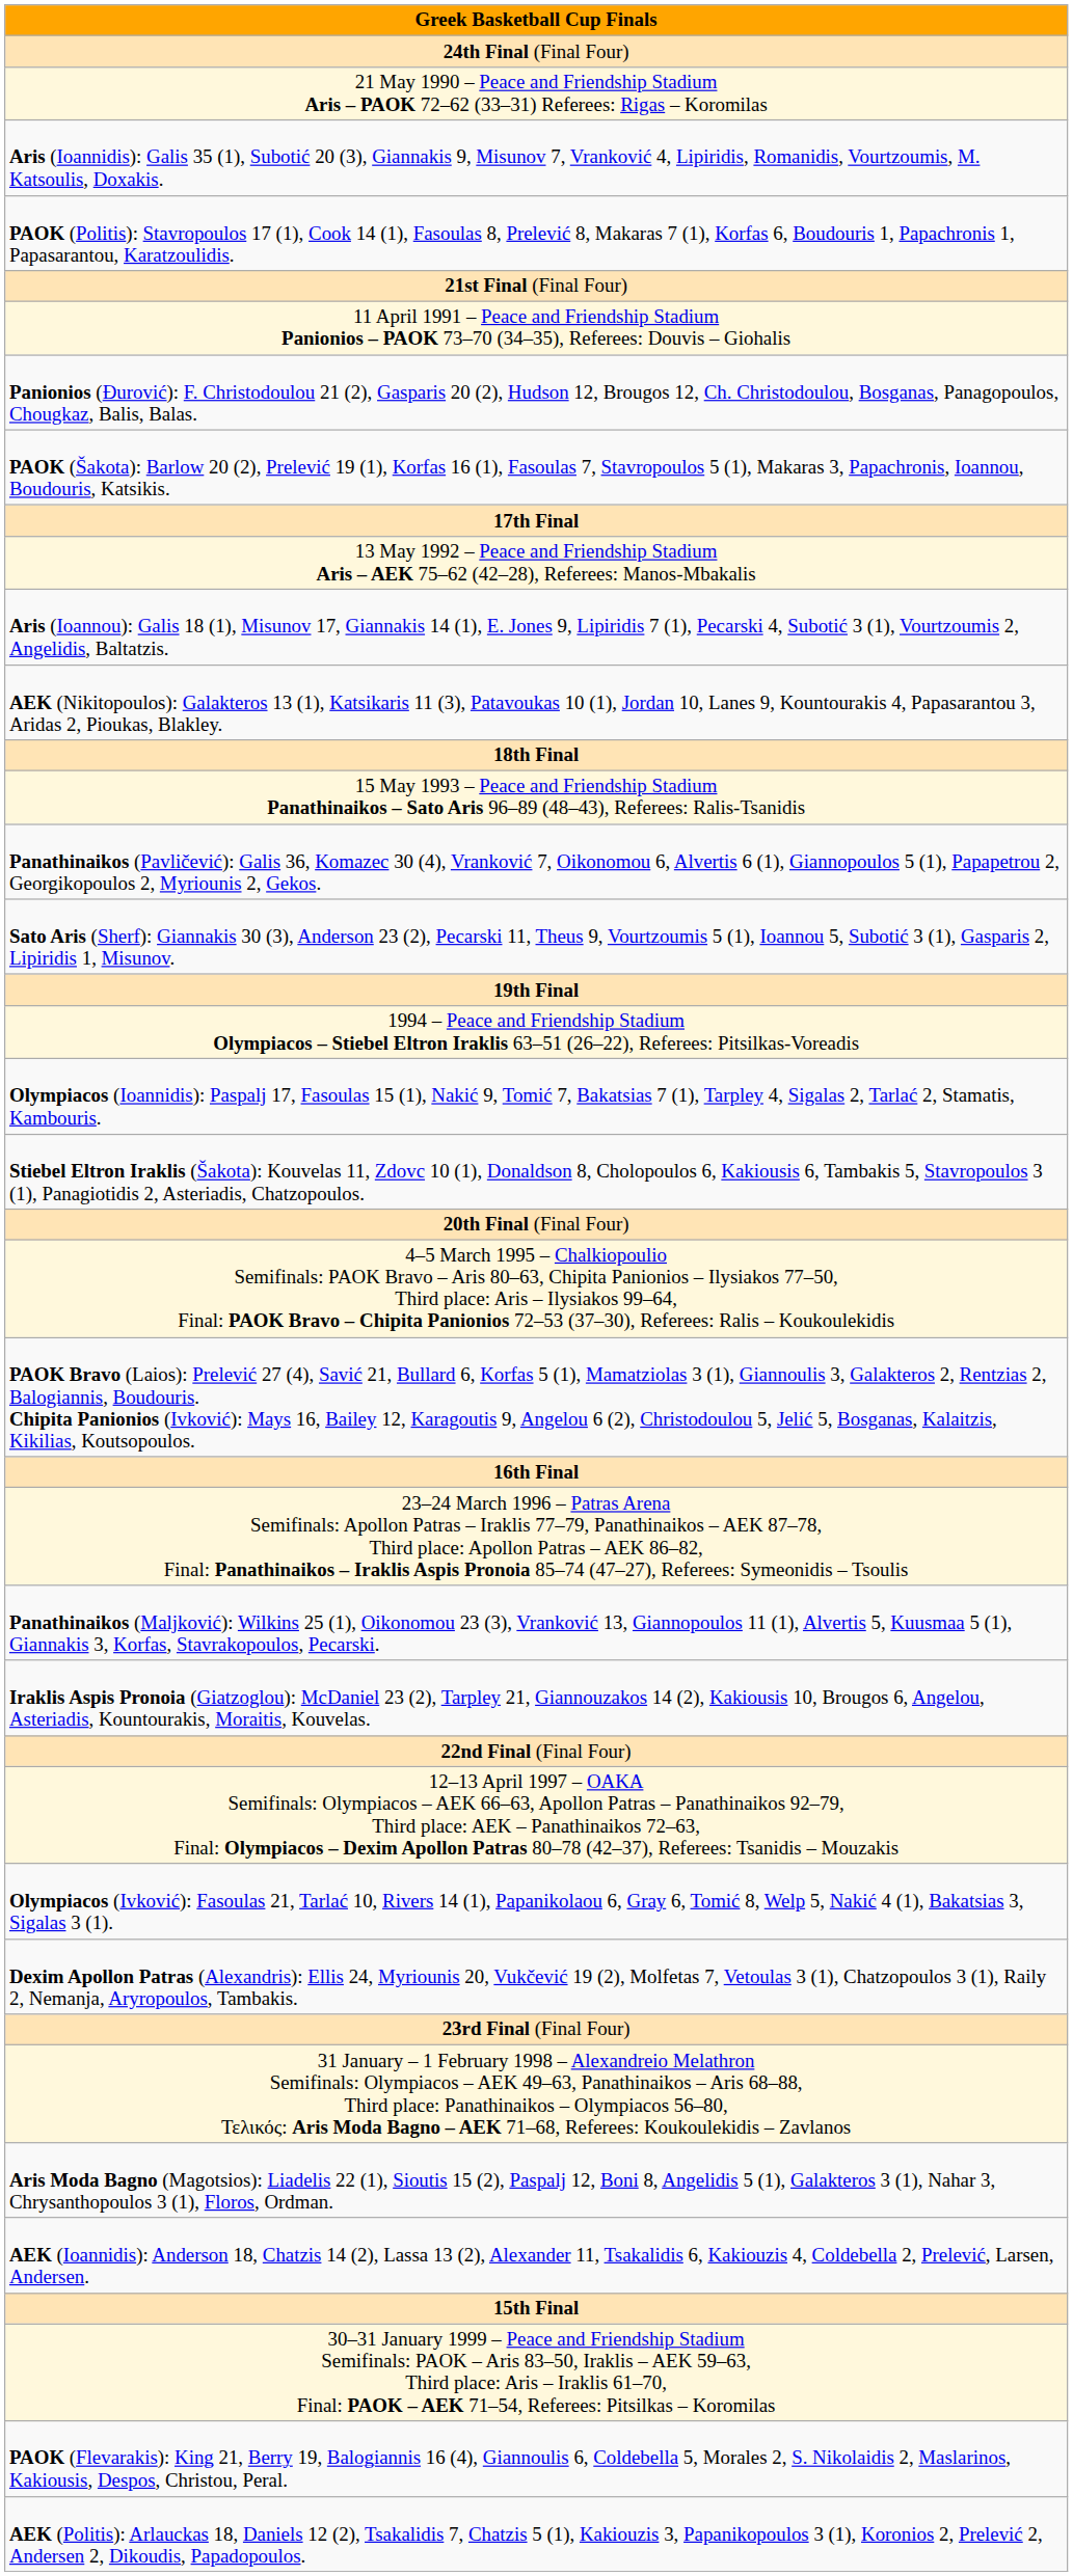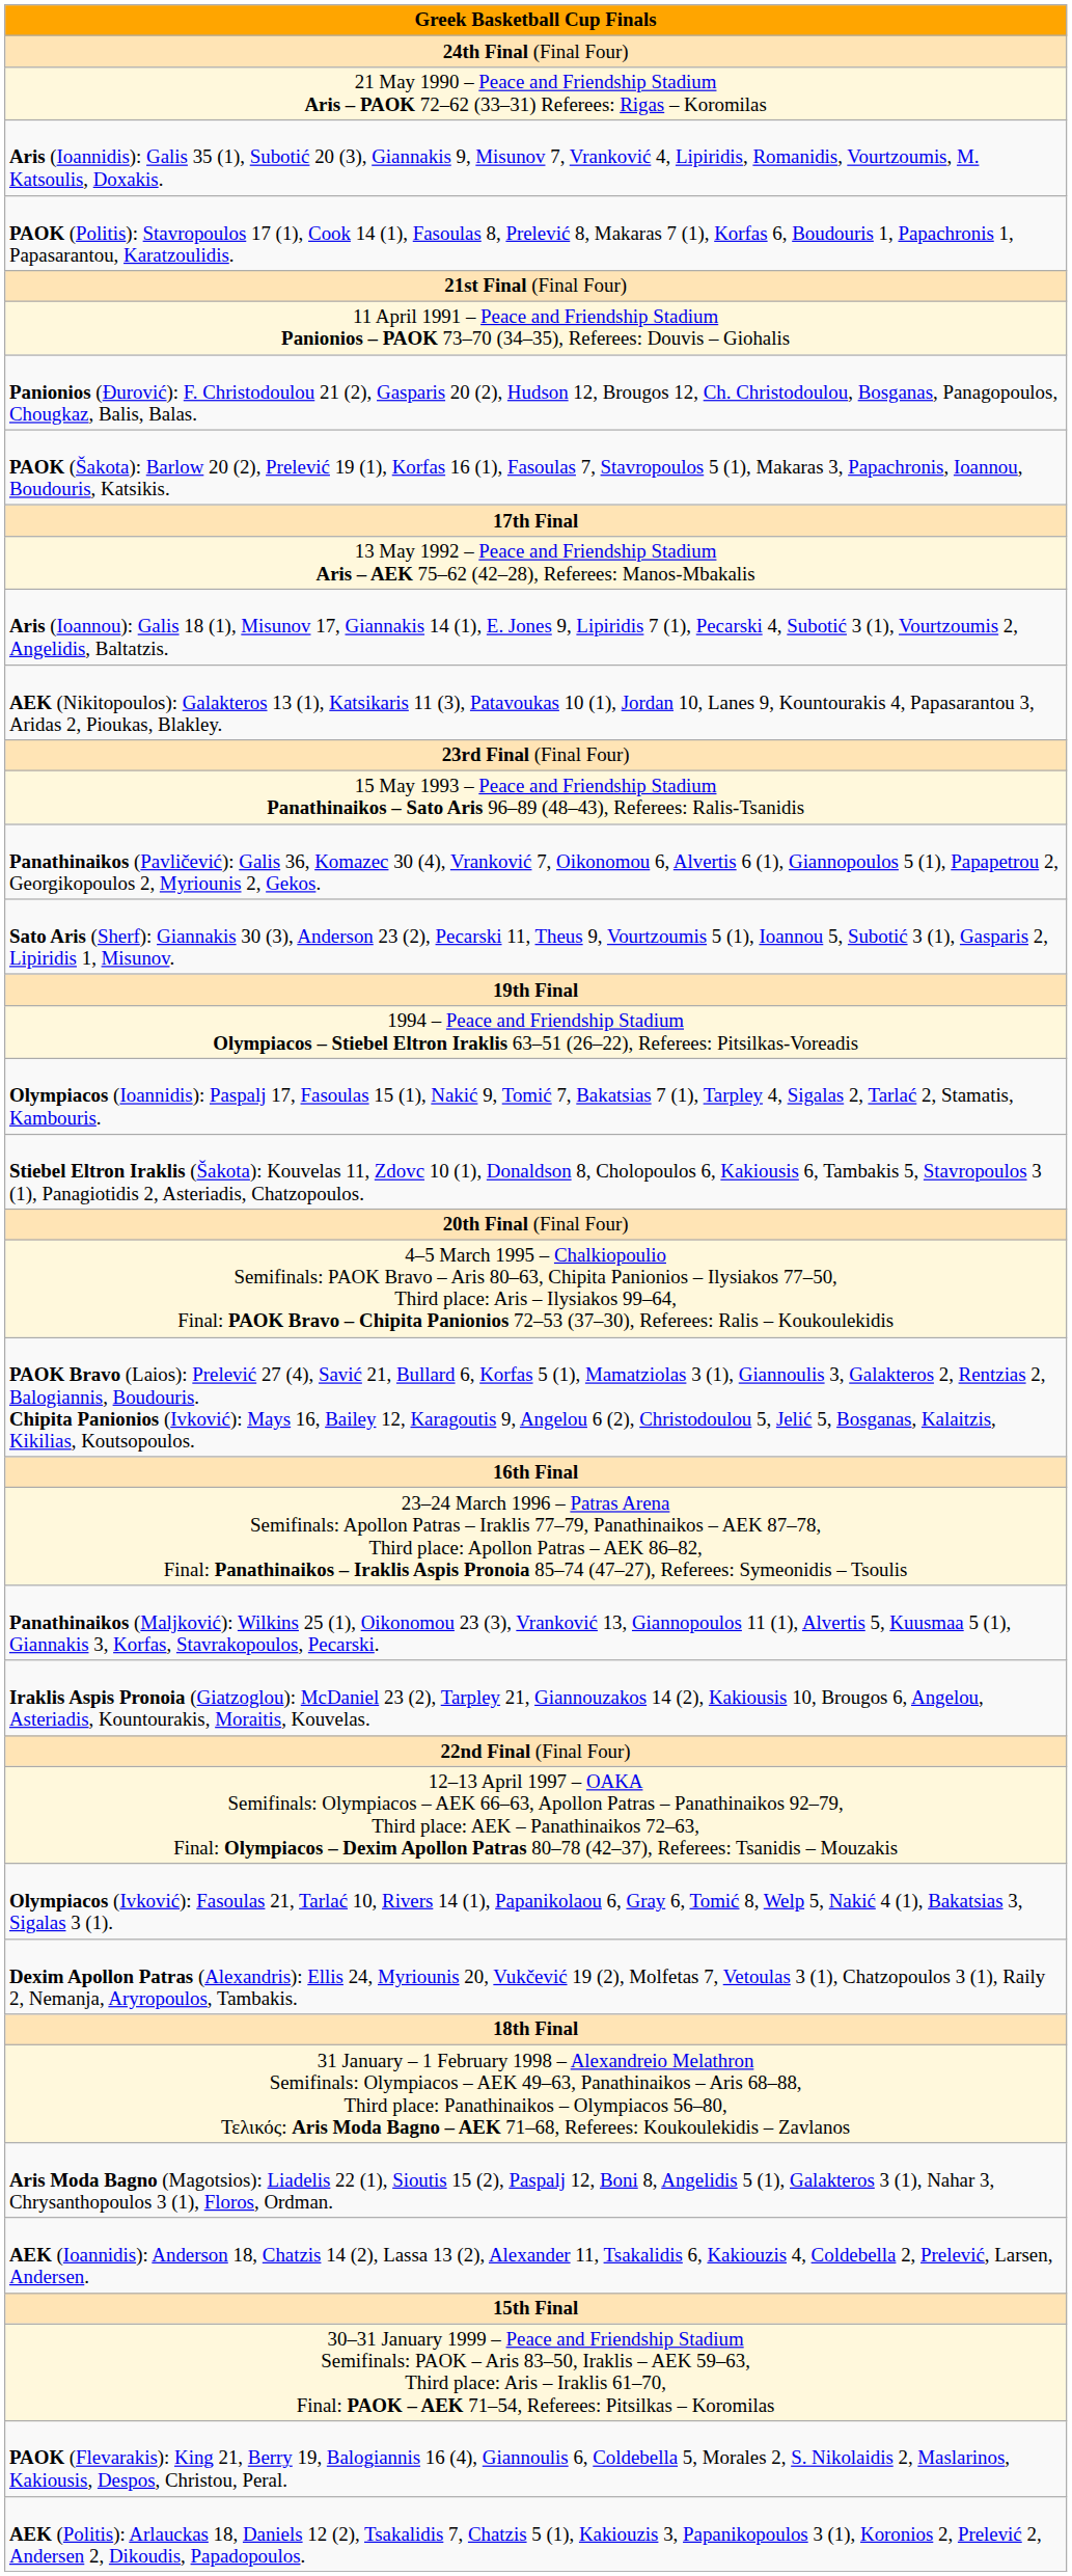 <table class="wikitable">
 <tr>
 <td align="center" bgcolor= #ffa500><strong>Greek Basketball Cup Finals</strong></td>
 </tr>
 <tr>
 <td align="center" bgcolor= #ffe4b5> <strong>24th Final</strong> (Final Four)</td>
 </tr>
 <tr>
 <td align="center" bgcolor= #fff8dc>21 May 1990 – <a href='#'>Peace and Friendship Stadium</a><br><strong>Aris – PAOK</strong> 72–62 (33–31) Referees: <a href='#'>Rigas</a> – Koromilas</td>
 </tr>
 <tr>
 <td><br><strong>Aris</strong> (<a href='#'>Ioannidis</a>): <a href='#'>Galis</a> 35 (1), <a href='#'>Subotić</a> 20 (3), <a href='#'>Giannakis</a> 9, <a href='#'>Misunov</a> 7, <a href='#'>Vranković</a> 4, <a href='#'>Lipiridis</a>, <a href='#'>Romanidis</a>, <a href='#'>Vourtzoumis</a>, <a href='#'>Μ. Katsoulis</a>, <a href='#'>Doxakis</a>.</td>
 </tr>
 <tr>
 <td><br><strong>PAOK</strong> (<a href='#'>Politis</a>): <a href='#'>Stavropoulos</a> 17 (1), <a href='#'>Cook</a> 14 (1), <a href='#'>Fasoulas</a> 8, <a href='#'>Prelević</a> 8, Makaras 7 (1), <a href='#'>Korfas</a> 6, <a href='#'>Boudouris</a> 1, <a href='#'>Papachronis</a> 1, Papasarantou, <a href='#'>Karatzoulidis</a>.</td>
 </tr>
 <tr>
 <td align="center" bgcolor= #ffe4b5> <strong>21st Final</strong> (Final Four)</td>
 </tr>
 <tr>
 <td align="center" bgcolor= #fff8dc>11 April 1991 – <a href='#'>Peace and Friendship Stadium</a><br><strong>Panionios – PAOK</strong> 73–70 (34–35), Referees: Douvis – Giohalis</td>
 </tr>
 <tr>
 <td><br><strong>Panionios</strong> (<a href='#'>Đurović</a>): <a href='#'>F. Christodoulou</a> 21 (2), <a href='#'>Gasparis</a> 20 (2), <a href='#'>Hudson</a> 12, Brougos 12, <a href='#'>Ch. Christodoulou</a>, <a href='#'>Bosganas</a>, Panagopoulos, <a href='#'>Chougkaz</a>, Balis, Balas.</td>
 </tr>
 <tr>
 <td><br><strong>PAOK</strong> (<a href='#'>Šakota</a>): <a href='#'>Barlow</a> 20 (2), <a href='#'>Prelević</a> 19 (1), <a href='#'>Korfas</a> 16 (1), <a href='#'>Fasoulas</a> 7, <a href='#'>Stavropoulos</a> 5 (1), Makaras 3, <a href='#'>Papachronis</a>, <a href='#'>Ioannou</a>, <a href='#'>Boudouris</a>, Katsikis.</td>
 </tr>
 <tr>
 <td align="center" bgcolor= #ffe4b5> <strong> 17th Final </strong></td>
 </tr>
 <tr>
 <td align="center" bgcolor= #fff8dc>13 May 1992 – <a href='#'>Peace and Friendship Stadium</a><br><strong>Aris – AEK</strong> 75–62 (42–28), Referees: Manos-Mbakalis</td>
 </tr>
 <tr>
 <td><br><strong>Aris</strong> (<a href='#'>Ioannou</a>): <a href='#'>Galis</a> 18 (1), <a href='#'>Misunov</a> 17, <a href='#'>Giannakis</a> 14 (1), <a href='#'>E. Jones</a> 9, <a href='#'>Lipiridis</a> 7 (1), <a href='#'>Pecarski</a> 4, <a href='#'>Subotić</a> 3 (1), <a href='#'>Vourtzoumis</a> 2, <a href='#'>Angelidis</a>, Baltatzis.</td>
 </tr>
 <tr>
 <td><br><strong>AEK</strong> (Nikitopoulos): <a href='#'>Galakteros</a> 13 (1), <a href='#'>Katsikaris</a> 11 (3), <a href='#'>Patavoukas</a> 10 (1), <a href='#'>Jordan</a> 10, Lanes 9, Kountourakis 4, Papasarantou 3, Aridas 2, Pioukas, Blakley.</td>
 </tr>
 <tr>
-<td align="center" bgcolor= #ffe4b5> <strong> 18th Final </strong></td>
+<td align="center" bgcolor= #ffe4b5> <strong>23rd Final</strong> (Final Four)</td>
 </tr>
 <tr>
 <td align="center" bgcolor= #fff8dc>15 May 1993 – <a href='#'>Peace and Friendship Stadium</a><br><strong>Panathinaikos – Sato Aris</strong> 96–89 (48–43), Referees: Ralis-Tsanidis</td>
 </tr>
 <tr>
 <td><br><strong>Panathinaikos</strong> (<a href='#'>Pavličević</a>): <a href='#'>Galis</a> 36, <a href='#'>Komazec</a> 30 (4), <a href='#'>Vranković</a> 7, <a href='#'>Oikonomou</a> 6, <a href='#'>Alvertis</a> 6 (1), <a href='#'>Giannopoulos</a> 5 (1), <a href='#'>Papapetrou</a> 2, Georgikopoulos 2, <a href='#'>Myriounis</a> 2, <a href='#'>Gekos</a>.</td>
 </tr>
 <tr>
 <td><br><strong>Sato Aris</strong> (<a href='#'>Sherf</a>): <a href='#'>Giannakis</a> 30 (3), <a href='#'>Anderson</a> 23 (2), <a href='#'>Pecarski</a> 11, <a href='#'>Theus</a> 9, <a href='#'>Vourtzoumis</a> 5 (1), <a href='#'>Ioannou</a> 5, <a href='#'>Subotić</a> 3 (1), <a href='#'>Gasparis</a> 2, <a href='#'>Lipiridis</a> 1, <a href='#'>Misunov</a>.</td>
 </tr>
 <tr>
 <td align="center" bgcolor= #ffe4b5><strong> 19th Final </strong></td>
 </tr>
 <tr>
 <td align="center" bgcolor= #fff8dc>1994 – <a href='#'>Peace and Friendship Stadium</a><br><strong>Olympiacos – Stiebel Eltron Iraklis</strong> 63–51 (26–22), Referees: Pitsilkas-Voreadis</td>
 </tr>
 <tr>
 <td><br><strong>Olympiacos</strong> (<a href='#'>Ioannidis</a>): <a href='#'>Paspalj</a> 17, <a href='#'>Fasoulas</a> 15 (1), <a href='#'>Nakić</a> 9, <a href='#'>Tomić</a> 7, <a href='#'>Bakatsias</a> 7 (1), <a href='#'>Tarpley</a> 4, <a href='#'>Sigalas</a> 2, <a href='#'>Tarlać</a> 2, Stamatis, <a href='#'>Kambouris</a>.</td>
 </tr>
 <tr>
 <td><br><strong>Stiebel Eltron Iraklis</strong> (<a href='#'>Šakota</a>): Kouvelas 11, <a href='#'>Zdovc</a> 10 (1), <a href='#'>Donaldson</a> 8, Cholopoulos 6, <a href='#'>Kakiousis</a> 6, Tambakis 5, <a href='#'>Stavropoulos</a> 3 (1), Panagiotidis 2, Asteriadis, Chatzopoulos.</td>
 </tr>
 <tr>
 <td align="center" bgcolor= #ffe4b5> <strong>20th Final</strong> (Final Four)</td>
 </tr>
 <tr>
 <td align="center" bgcolor= #fff8dc>4–5 March 1995 – <a href='#'>Chalkiopoulio</a><br>Semifinals: PAOK Bravo – Aris 80–63, Chipita Panionios – Ilysiakos 77–50,<br>Third place: Aris – Ilysiakos 99–64,<br>Final: <strong>PAOK Bravo – Chipita Panionios</strong> 72–53 (37–30),  Referees: Ralis – Koukoulekidis</td>
 </tr>
 <tr>
 <td><br><strong>PAOK Bravo</strong> (Laios): <a href='#'>Prelević</a> 27 (4), <a href='#'>Savić</a> 21, <a href='#'>Bullard</a> 6, <a href='#'>Korfas</a> 5 (1), <a href='#'>Mamatziolas</a> 3 (1), <a href='#'>Giannoulis</a> 3, <a href='#'>Galakteros</a> 2, <a href='#'>Rentzias</a> 2, <a href='#'>Balogiannis</a>, <a href='#'>Boudouris</a>.<br><strong>Chipita Panionios</strong> (<a href='#'>Ivković</a>): <a href='#'>Mays</a> 16, <a href='#'>Bailey</a> 12, <a href='#'>Karagoutis</a> 9, <a href='#'>Angelou</a> 6 (2), <a href='#'>Christodoulou</a> 5, <a href='#'>Jelić</a> 5, <a href='#'>Bosganas</a>, <a href='#'>Kalaitzis</a>, <a href='#'>Kikilias</a>, Koutsopoulos.</td>
 </tr>
 <tr>
 <td align="center" bgcolor= #ffe4b5> <strong> 16th Final </strong></td>
 </tr>
 <tr>
 <td align="center" bgcolor= #fff8dc>23–24 March 1996 – <a href='#'>Patras Arena</a><br>Semifinals: Apollon Patras – Iraklis 77–79, Panathinaikos – AEK 87–78,<br>Third place: Apollon Patras – AEK 86–82,<br>Final: <strong>Panathinaikos – Iraklis Aspis Pronoia</strong> 85–74 (47–27),  Referees: Symeonidis – Tsoulis</td>
 </tr>
 <tr>
 <td><br><strong>Panathinaikos</strong> (<a href='#'>Maljković</a>): <a href='#'>Wilkins</a> 25 (1), <a href='#'>Oikonomou</a> 23 (3), <a href='#'>Vranković</a> 13, <a href='#'>Giannopoulos</a> 11 (1), <a href='#'>Alvertis</a> 5, <a href='#'>Kuusmaa</a> 5 (1), <a href='#'>Giannakis</a> 3, <a href='#'>Korfas</a>, <a href='#'>Stavrakopoulos</a>, <a href='#'>Pecarski</a>.</td>
 </tr>
 <tr>
 <td><br><strong>Iraklis Aspis Pronoia</strong> (<a href='#'>Giatzoglou</a>): <a href='#'>McDaniel</a> 23 (2), <a href='#'>Tarpley</a> 21, <a href='#'>Giannouzakos</a> 14 (2), <a href='#'>Kakiousis</a> 10, Brougos 6, <a href='#'>Angelou</a>, <a href='#'>Asteriadis</a>, Kountourakis, <a href='#'>Moraitis</a>, Kouvelas.</td>
 </tr>
 <tr>
 <td align="center" bgcolor= #ffe4b5><strong>22nd Final</strong> (Final Four)</td>
 </tr>
 <tr>
 <td align="center" bgcolor= #fff8dc>12–13 April 1997 – <a href='#'>OAKA</a><br>Semifinals: Olympiacos – AEK 66–63, Apollon Patras – Panathinaikos 92–79,<br>Third place: AEK – Panathinaikos 72–63,<br>Final: <strong>Olympiacos – Dexim Apollon Patras</strong> 80–78 (42–37), Referees: Tsanidis – Mouzakis</td>
 </tr>
 <tr>
 <td><br><strong>Olympiacos</strong> (<a href='#'>Ivković</a>): <a href='#'>Fasoulas</a> 21, <a href='#'>Tarlać</a> 10, <a href='#'>Rivers</a> 14 (1), <a href='#'>Papanikolaou</a> 6, <a href='#'>Gray</a> 6, <a href='#'>Tomić</a> 8, <a href='#'>Welp</a> 5, <a href='#'>Nakić</a> 4 (1), <a href='#'>Bakatsias</a> 3, <a href='#'>Sigalas</a> 3 (1).</td>
 </tr>
 <tr>
 <td><br><strong>Dexim Apollon Patras</strong> (<a href='#'>Alexandris</a>): <a href='#'>Ellis</a> 24, <a href='#'>Myriounis</a> 20, <a href='#'>Vukčević</a> 19 (2), Molfetas 7, <a href='#'>Vetoulas</a> 3 (1), Chatzopoulos 3 (1), Raily 2, Nemanja, <a href='#'>Aryropoulos</a>, Tambakis.</td>
 </tr>
 <tr>
-<td align="center" bgcolor= #ffe4b5> <strong>23rd Final</strong> (Final Four)</td>
+<td align="center" bgcolor= #ffe4b5> <strong> 18th Final </strong></td>
 </tr>
 <tr>
 <td align="center" bgcolor= #fff8dc>31 January – 1 February 1998 –  <a href='#'>Alexandreio Melathron</a><br>Semifinals: Olympiacos – AEK 49–63, Panathinaikos – Aris 68–88,<br>Third place: Panathinaikos – Olympiacos 56–80,<br>Τελικός: <strong>Aris Moda Bagno – AEK</strong> 71–68,  Referees: Koukoulekidis – Zavlanos</td>
 </tr>
 <tr>
 <td><br><strong>Aris Moda Bagno</strong> (Magotsios): <a href='#'>Liadelis</a> 22 (1), <a href='#'>Sioutis</a> 15 (2), <a href='#'>Paspalj</a> 12, <a href='#'>Boni</a> 8, <a href='#'>Angelidis</a> 5 (1), <a href='#'>Galakteros</a> 3 (1), Nahar 3, Chrysanthopoulos 3 (1), <a href='#'>Floros</a>, Ordman.</td>
 </tr>
 <tr>
 <td><br><strong>AEK</strong> (<a href='#'>Ioannidis</a>): <a href='#'>Anderson</a> 18, <a href='#'>Chatzis</a> 14 (2), Lassa 13 (2), <a href='#'>Alexander</a> 11, <a href='#'>Tsakalidis</a> 6, <a href='#'>Kakiouzis</a> 4, <a href='#'>Coldebella</a> 2, <a href='#'>Prelević</a>, Larsen, <a href='#'>Andersen</a>.</td>
 </tr>
 <tr>
 <td align="center" bgcolor= #ffe4b5> <strong> 15th Final </strong></td>
 </tr>
 <tr>
 <td align="center" bgcolor= #fff8dc>30–31 January 1999 – <a href='#'>Peace and Friendship Stadium</a><br>Semifinals: PAOK – Aris 83–50, Iraklis – AEK 59–63,<br>Third place: Aris – Iraklis 61–70,<br>Final: <strong>PAOK – AEK</strong> 71–54,  Referees: Pitsilkas – Koromilas</td>
 </tr>
 <tr>
 <td><br><strong>PAOK</strong> (<a href='#'>Flevarakis</a>): <a href='#'>King</a> 21, <a href='#'>Berry</a> 19, <a href='#'>Balogiannis</a> 16 (4), <a href='#'>Giannoulis</a> 6, <a href='#'>Coldebella</a> 5, Morales 2, <a href='#'>S. Nikolaidis</a> 2, <a href='#'>Maslarinos</a>, <a href='#'>Kakiousis</a>, <a href='#'>Despos</a>, Christou, Peral.</td>
 </tr>
 <tr>
 <td><br><strong>AEK</strong> (<a href='#'>Politis</a>): <a href='#'>Arlauckas</a> 18, <a href='#'>Daniels</a> 12 (2), <a href='#'>Tsakalidis</a> 7, <a href='#'>Chatzis</a> 5 (1), <a href='#'>Kakiouzis</a> 3, <a href='#'>Papanikopoulos</a> 3 (1), <a href='#'>Koronios</a> 2, <a href='#'>Prelević</a> 2, <a href='#'>Andersen</a> 2, <a href='#'>Dikoudis</a>, <a href='#'>Papadopoulos</a>.</td>
 </tr>
 </table>
